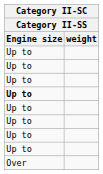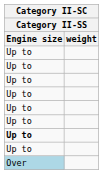 <table class="wikitable">
 <tr>
 <th colspan=2>Category II-SC</th>
 </tr>
 <tr>
 <th colspan=2>Category II-SS</th>
 </tr>
 <tr>
 <th>Engine size</th>
 <th>weight</th>
 </tr>
 <tr>
 <td>Up to </td>
 <td></td>
 </tr>
 <tr>
 <td>Up to </td>
 <td></td>
 </tr>
 <tr>
 <td>Up to </td>
 <td></td>
 </tr>
 <tr>
-<td><strong>Up to </strong></td>
-<td></td>
-</tr>
-<tr>
 <td>Up to </td>
 <td></td>
 </tr>
 <tr>
 <td>Up to </td>
 <td></td>
 </tr>
 <tr>
 <td>Up to </td>
 <td></td>
 </tr>
 <tr>
+<td><strong>Up to </strong></td>
+<td></td>
+</tr>
+<tr>
 <td>Up to </td>
 <td></td>
 </tr>
 <tr>
-<td>Over </td>
+<td style="background: lightblue;">Over </td>
 <td></td>
 </tr>
 </table>
